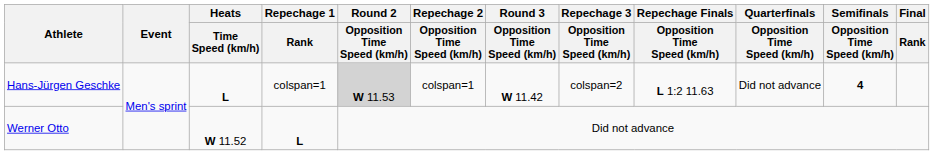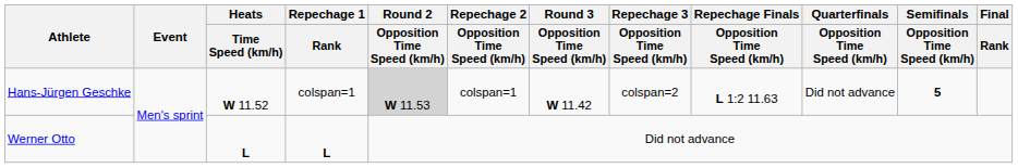 <table class="wikitable" style="font-size:90%">
 <tr>
 <th rowspan="2">Athlete</th>
 <th rowspan="2">Event</th>
 <th>Heats</th>
 <th>Repechage 1</th>
 <th>Round 2</th>
 <th>Repechage 2</th>
 <th>Round 3</th>
 <th>Repechage 3</th>
 <th>Repechage Finals</th>
 <th>Quarterfinals</th>
 <th>Semifinals</th>
 <th colspan=2>Final</th>
 </tr>
 <tr style="font-size:95%">
 <th>Time<br>Speed (km/h)</th>
 <th>Rank</th>
 <th>Opposition<br>Time<br>Speed (km/h)</th>
 <th>Opposition<br>Time<br>Speed (km/h)</th>
 <th>Opposition<br>Time<br>Speed (km/h)</th>
 <th>Opposition<br>Time<br>Speed (km/h)</th>
 <th>Opposition<br>Time<br>Speed (km/h)</th>
 <th>Opposition<br>Time<br>Speed (km/h)</th>
 <th>Opposition<br>Time<br>Speed (km/h)</th>
 <th>Rank</th>
 </tr>
 <tr align=center>
 <td align=left><a href='#'>Hans-Jürgen Geschke</a></td>
 <td style="text-align:left;" rowspan="2"><a href='#'>Men's sprint</a></td>
-<td><br><br><strong>L</strong></td>
+<td><br><br><strong>W</strong> 11.52</td>
 <td>colspan=1 </td>
 <td style="background: lightgrey;"><br><br><strong>W</strong> 11.53</td>
 <td>colspan=1 </td>
 <td><br><br><strong>W</strong> 11.42</td>
 <td>colspan=2 </td>
 <td><br><strong>L</strong> 1:2 11.63</td>
 <td colspan=1>Did not advance</td>
-<td><strong>4</strong></td>
+<td><strong>5</strong></td>
 </tr>
 <tr align=center>
 <td align=left><a href='#'>Werner Otto</a></td>
-<td><br><br><strong>W</strong> 11.52</td>
+<td><br><br><strong>L</strong></td>
 <td><br><br><strong>L</strong></td>
 <td colspan=8>Did not advance</td>
 </tr>
 </table>
